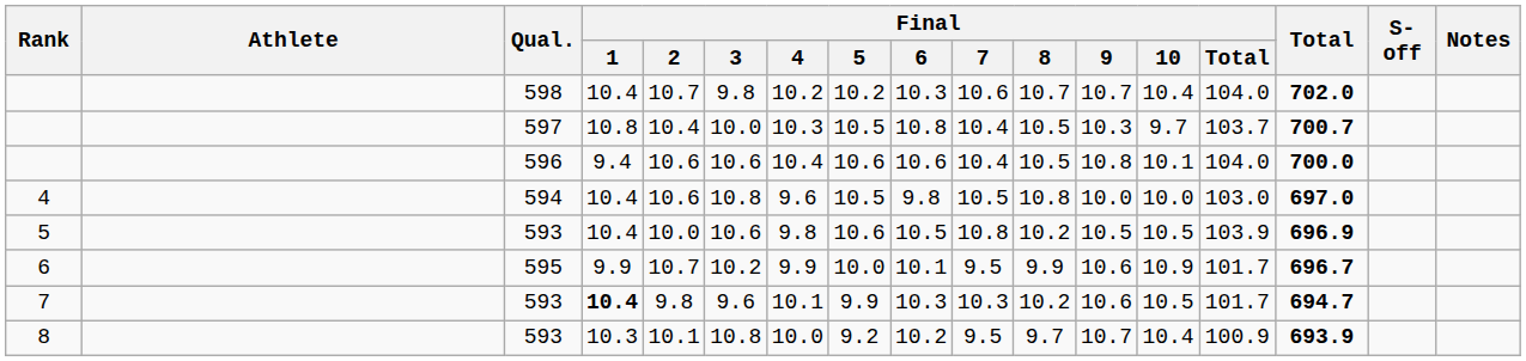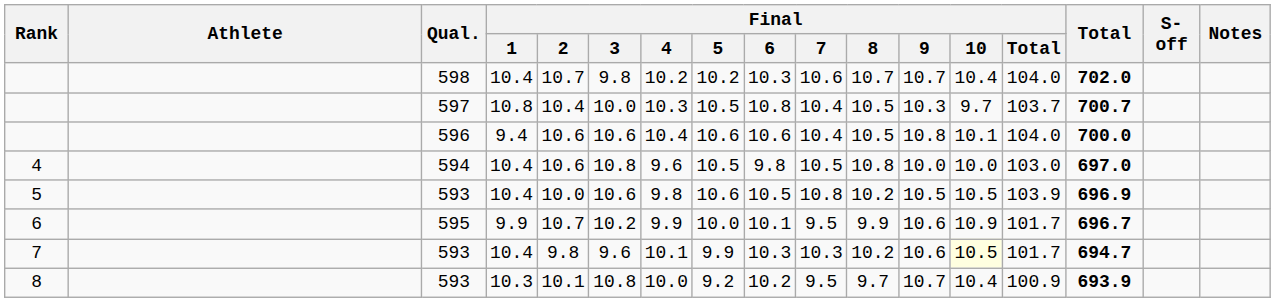 <table class="wikitable" style="text-align:center">
 <tr>
 <th rowspan=2 width=40>Rank</th>
 <th rowspan=2 width=250>Athlete</th>
 <th rowspan=2 width=40>Qual.</th>
 <th colspan=11>Final</th>
 <th rowspan=2 width=50>Total</th>
 <th rowspan=2 width=35>S-off</th>
 <th rowspan=2 width=45>Notes</th>
 </tr>
 <tr>
 <th width=30>1</th>
 <th width=30>2</th>
 <th width=30>3</th>
 <th width=30>4</th>
 <th width=30>5</th>
 <th width=30>6</th>
 <th width=30>7</th>
 <th width=30>8</th>
 <th width=30>9</th>
 <th width=30>10</th>
 <th width=40>Total</th>
 </tr>
 <tr>
 <td></td>
 <td align=left></td>
 <td>598</td>
 <td>10.4</td>
 <td>10.7</td>
 <td>9.8</td>
 <td>10.2</td>
 <td>10.2</td>
 <td>10.3</td>
 <td>10.6</td>
 <td>10.7</td>
 <td>10.7</td>
 <td>10.4</td>
 <td>104.0</td>
 <td><strong>702.0</strong></td>
 <td></td>
 <td></td>
 </tr>
 <tr>
 <td></td>
 <td align=left></td>
 <td>597</td>
 <td>10.8</td>
 <td>10.4</td>
 <td>10.0</td>
 <td>10.3</td>
 <td>10.5</td>
 <td>10.8</td>
 <td>10.4</td>
 <td>10.5</td>
 <td>10.3</td>
 <td>9.7</td>
 <td>103.7</td>
 <td><strong>700.7</strong></td>
 <td></td>
 <td></td>
 </tr>
 <tr>
 <td></td>
 <td align=left></td>
 <td>596</td>
 <td>9.4</td>
 <td>10.6</td>
 <td>10.6</td>
 <td>10.4</td>
 <td>10.6</td>
 <td>10.6</td>
 <td>10.4</td>
 <td>10.5</td>
 <td>10.8</td>
 <td>10.1</td>
 <td>104.0</td>
 <td><strong>700.0</strong></td>
 <td></td>
 <td></td>
 </tr>
 <tr>
 <td>4</td>
 <td align=left></td>
 <td>594</td>
 <td>10.4</td>
 <td>10.6</td>
 <td>10.8</td>
 <td>9.6</td>
 <td>10.5</td>
 <td>9.8</td>
 <td>10.5</td>
 <td>10.8</td>
 <td>10.0</td>
 <td>10.0</td>
 <td>103.0</td>
 <td><strong>697.0</strong></td>
 <td></td>
 <td></td>
 </tr>
 <tr>
 <td>5</td>
 <td align=left></td>
 <td>593</td>
 <td>10.4</td>
 <td>10.0</td>
 <td>10.6</td>
 <td>9.8</td>
 <td>10.6</td>
 <td>10.5</td>
 <td>10.8</td>
 <td>10.2</td>
 <td>10.5</td>
 <td>10.5</td>
 <td>103.9</td>
 <td><strong>696.9</strong></td>
 <td></td>
 <td></td>
 </tr>
 <tr>
 <td>6</td>
 <td align=left></td>
 <td>595</td>
 <td>9.9</td>
 <td>10.7</td>
 <td>10.2</td>
 <td>9.9</td>
 <td>10.0</td>
 <td>10.1</td>
 <td>9.5</td>
 <td>9.9</td>
 <td>10.6</td>
 <td>10.9</td>
 <td>101.7</td>
 <td><strong>696.7</strong></td>
 <td></td>
 <td></td>
 </tr>
 <tr>
 <td>7</td>
 <td align=left></td>
 <td>593</td>
-<td><strong>10.4</strong></td>
+<td>10.4</td>
 <td>9.8</td>
 <td>9.6</td>
 <td>10.1</td>
 <td>9.9</td>
 <td>10.3</td>
 <td>10.3</td>
 <td>10.2</td>
 <td>10.6</td>
-<td>10.5</td>
+<td style="background: lightyellow;">10.5</td>
 <td>101.7</td>
 <td><strong>694.7</strong></td>
 <td></td>
 <td></td>
 </tr>
 <tr>
 <td>8</td>
 <td align=left></td>
 <td>593</td>
 <td>10.3</td>
 <td>10.1</td>
 <td>10.8</td>
 <td>10.0</td>
 <td>9.2</td>
 <td>10.2</td>
 <td>9.5</td>
 <td>9.7</td>
 <td>10.7</td>
 <td>10.4</td>
 <td>100.9</td>
 <td><strong>693.9</strong></td>
 <td></td>
 <td></td>
 </tr>
 </table>
